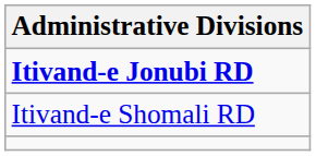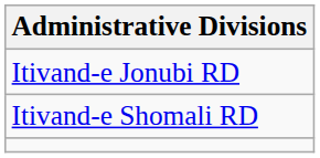 <table class="wikitable">
 <tr>
 <th>Administrative Divisions</th>
 </tr>
 <tr>
-<td><strong><a href='#'>Itivand-e Jonubi RD</a></strong></td>
+<td><a href='#'>Itivand-e Jonubi RD</a></td>
 </tr>
 <tr>
 <td><a href='#'>Itivand-e Shomali RD</a></td>
 </tr>
 <tr>
 <td colspan=1></td>
 </tr>
 </table>
